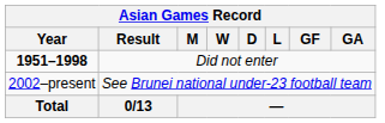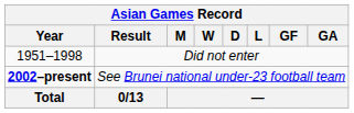 <table class="wikitable" style="text-align: center;">
 <tr>
 <th colspan=9><a href='#'>Asian Games</a> Record</th>
 </tr>
 <tr>
 <th>Year</th>
 <th>Result</th>
 <th>M</th>
 <th>W</th>
 <th>D</th>
 <th>L</th>
 <th>GF</th>
 <th>GA</th>
 </tr>
 <tr>
-<td><strong>1951–1998</strong></td>
+<td>1951–1998</td>
 <td colspan=7><em>Did not enter</em></td>
 </tr>
 <tr>
-<td><a href='#'>2002</a>–present</td>
+<td><strong><a href='#'>2002</a>–present</strong></td>
 <td colspan=7><em>See <a href='#'>Brunei national under-23 football team</a></em></td>
 </tr>
 <tr>
 <th>Total</th>
 <th>0/13</th>
 <th colspan=6><em>—</em></th>
 </tr>
 </table>
